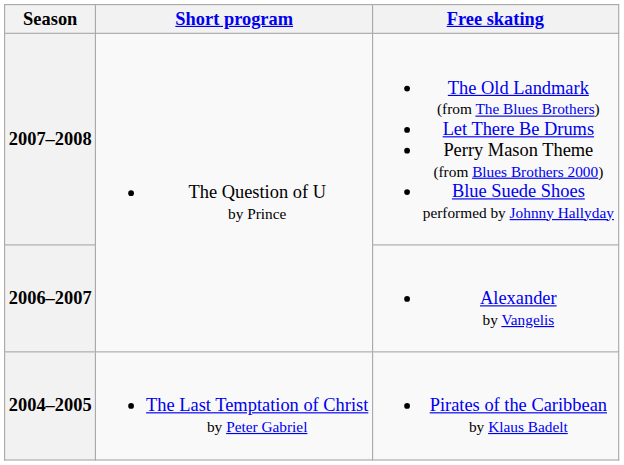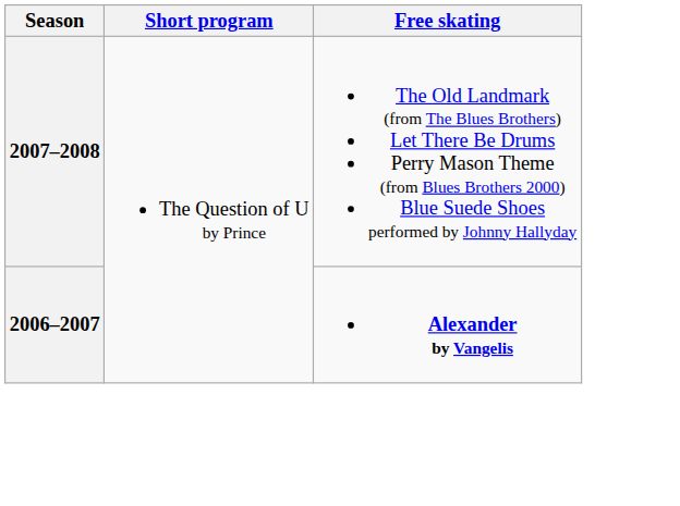 <table class=wikitable style=text-align:center>
 <tr>
 <th>Season</th>
 <th><a href='#'>Short program</a></th>
 <th><a href='#'>Free skating</a></th>
 </tr>
 <tr>
 <th>2007–2008 <br> </th>
 <td rowspan=2><br><ul><li>The Question of U <br><small> by Prince </small></li></ul></td>
 <td><br><ul><li><a href='#'>The Old Landmark</a> <br><small> (from <a href='#'>The Blues Brothers</a>) </small></li><li><a href='#'>Let There Be Drums</a></li><li>Perry Mason Theme <br><small> (from <a href='#'>Blues Brothers 2000</a>) </small></li><li><a href='#'>Blue Suede Shoes</a> <br><small> performed by <a href='#'>Johnny Hallyday</a> </small></li></ul></td>
 </tr>
 <tr>
 <th>2006–2007 <br> </th>
-<td><br><ul><li><a href='#'>Alexander</a> <br><small> by <a href='#'>Vangelis</a> </small></li></ul></td>
-</tr>
-<tr>
-<th>2004–2005 <br> </th>
-<td><br><ul><li><a href='#'>The Last Temptation of Christ</a> <br><small> by <a href='#'>Peter Gabriel</a> </small></li></ul></td>
-<td><br><ul><li><a href='#'>Pirates of the Caribbean</a> <br><small> by <a href='#'>Klaus Badelt</a> </small></li></ul></td>
+<td><strong><br><ul><li><a href='#'>Alexander</a> <br><small> by <a href='#'>Vangelis</a> </small></li></ul></strong></td>
 </tr>
 </table>
